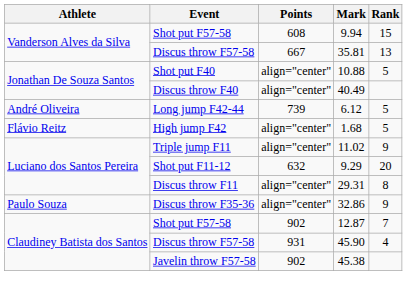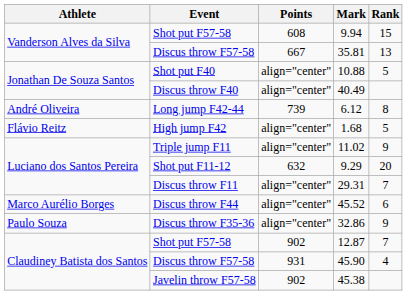 <table class=wikitable>
 <tr>
 <th>Athlete</th>
 <th>Event</th>
 <th>Points</th>
 <th>Mark</th>
 <th>Rank</th>
 </tr>
 <tr>
 <td rowspan="2"><a href='#'>Vanderson Alves da Silva</a></td>
 <td><a href='#'>Shot put F57-58</a></td>
 <td align="center">608</td>
 <td align="center">9.94</td>
 <td align="center">15</td>
 </tr>
 <tr>
 <td><a href='#'>Discus throw F57-58</a></td>
 <td align="center">667</td>
 <td align="center">35.81</td>
 <td align="center">13</td>
 </tr>
 <tr>
 <td rowspan="2"><a href='#'>Jonathan De Souza Santos</a></td>
 <td><a href='#'>Shot put F40</a></td>
 <td>align="center" </td>
 <td align="center">10.88</td>
 <td align="center">5</td>
 </tr>
 <tr>
 <td><a href='#'>Discus throw F40</a></td>
 <td>align="center" </td>
 <td align="center">40.49</td>
 <td align="center"></td>
 </tr>
 <tr>
 <td><a href='#'>André Oliveira</a></td>
 <td><a href='#'>Long jump F42-44</a></td>
 <td align="center">739</td>
 <td align="center">6.12</td>
-<td align="center">5</td>
+<td align="center">8</td>
 </tr>
 <tr>
 <td><a href='#'>Flávio Reitz</a></td>
 <td><a href='#'>High jump F42</a></td>
 <td>align="center" </td>
 <td align="center">1.68</td>
 <td align="center">5</td>
 </tr>
 <tr>
 <td rowspan="3"><a href='#'>Luciano dos Santos Pereira</a></td>
 <td><a href='#'>Triple jump F11</a></td>
 <td>align="center" </td>
 <td align="center">11.02</td>
 <td align="center">9</td>
 </tr>
 <tr>
 <td><a href='#'>Shot put F11-12</a></td>
 <td align="center">632</td>
 <td align="center">9.29</td>
 <td align="center">20</td>
 </tr>
 <tr>
 <td><a href='#'>Discus throw F11</a></td>
 <td>align="center" </td>
 <td align="center">29.31</td>
-<td align="center">8</td>
+<td align="center">7</td>
+</tr>
+<tr>
+<td><a href='#'>Marco Aurélio Borges</a></td>
+<td><a href='#'>Discus throw F44</a></td>
+<td>align="center" </td>
+<td align="center">45.52</td>
+<td align="center">6</td>
 </tr>
 <tr>
 <td><a href='#'>Paulo Souza</a></td>
 <td><a href='#'>Discus throw F35-36</a></td>
 <td>align="center" </td>
 <td align="center">32.86</td>
 <td align="center">9</td>
 </tr>
 <tr>
 <td rowspan="3"><a href='#'>Claudiney Batista dos Santos</a></td>
 <td><a href='#'>Shot put F57-58</a></td>
 <td align="center">902</td>
 <td align="center">12.87</td>
 <td align="center">7</td>
 </tr>
 <tr>
 <td><a href='#'>Discus throw F57-58</a></td>
 <td align="center">931</td>
 <td align="center">45.90</td>
 <td align="center">4</td>
 </tr>
 <tr>
 <td><a href='#'>Javelin throw F57-58</a></td>
 <td align="center">902</td>
 <td align="center">45.38</td>
 <td align="center"></td>
 </tr>
 </table>
